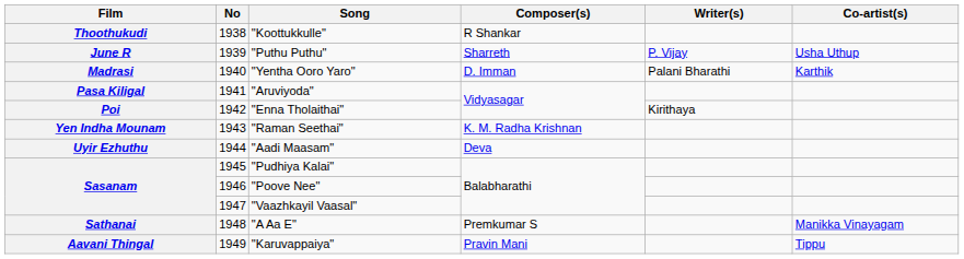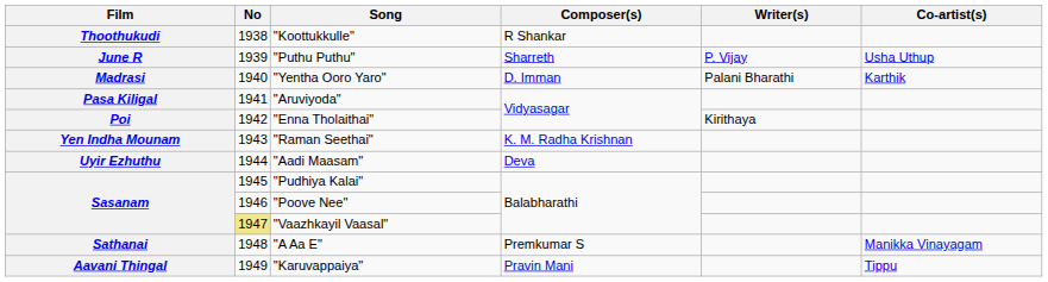 <table class="wikitable plainrowheaders" width="100%" textcolor:#000;">
 <tr>
 <th scope="col" width=23%><strong>Film</strong></th>
 <th><strong>No</strong></th>
 <th scope="col" width=23%><strong>Song</strong></th>
 <th scope="col" width=20%><strong>Composer(s)</strong></th>
 <th scope="col" width=16%><strong>Writer(s)</strong></th>
 <th scope="col" width=18%><strong>Co-artist(s)</strong></th>
 </tr>
 <tr>
 <th><em><a href='#'>Thoothukudi</a></em></th>
 <td>1938</td>
 <td>"Koottukkulle"</td>
 <td>R Shankar</td>
 <td></td>
 <td></td>
 </tr>
 <tr>
 <th><em><a href='#'>June R</a></em></th>
 <td>1939</td>
 <td>"Puthu Puthu"</td>
 <td><a href='#'>Sharreth</a></td>
 <td><a href='#'>P. Vijay</a></td>
 <td><a href='#'>Usha Uthup</a></td>
 </tr>
 <tr>
 <th><em><a href='#'>Madrasi</a></em></th>
 <td>1940</td>
 <td>"Yentha Ooro Yaro"</td>
 <td><a href='#'>D. Imman</a></td>
 <td>Palani Bharathi</td>
 <td><a href='#'>Karthik</a></td>
 </tr>
 <tr>
 <th><em><a href='#'>Pasa Kiligal</a></em></th>
 <td>1941</td>
 <td>"Aruviyoda"</td>
 <td rowspan="2"><a href='#'>Vidyasagar</a></td>
 <td></td>
 <td></td>
 </tr>
 <tr>
 <th><em><a href='#'>Poi</a></em></th>
 <td>1942</td>
 <td>"Enna Tholaithai"</td>
 <td>Kirithaya</td>
 <td></td>
 </tr>
 <tr>
 <th><a href='#'><em>Yen Indha Mounam</em></a></th>
 <td>1943</td>
 <td>"Raman Seethai"</td>
 <td><a href='#'>K. M. Radha Krishnan</a></td>
 <td></td>
 <td></td>
 </tr>
 <tr>
 <th><a href='#'><em>Uyir Ezhuthu</em></a></th>
 <td>1944</td>
 <td>"Aadi Maasam"</td>
 <td><a href='#'>Deva</a></td>
 <td></td>
 <td></td>
 </tr>
 <tr>
 <th rowspan="3"><em><a href='#'>Sasanam</a></em></th>
 <td>1945</td>
 <td>"Pudhiya Kalai"</td>
 <td rowspan="3">Balabharathi</td>
 <td></td>
 <td></td>
 </tr>
 <tr>
 <td>1946</td>
 <td>"Poove Nee"</td>
 <td></td>
 <td></td>
 </tr>
 <tr>
-<td>1947</td>
+<td style="background: khaki;">1947</td>
 <td>"Vaazhkayil Vaasal"</td>
 <td></td>
 <td></td>
 </tr>
 <tr>
 <th><a href='#'><em>Sathanai</em></a></th>
 <td>1948</td>
 <td>"A Aa E"</td>
 <td>Premkumar S</td>
 <td></td>
 <td><a href='#'>Manikka Vinayagam</a></td>
 </tr>
 <tr>
 <th><em><a href='#'>Aavani Thingal</a></em></th>
 <td>1949</td>
 <td>"Karuvappaiya"</td>
 <td><a href='#'>Pravin Mani</a></td>
 <td></td>
 <td><a href='#'>Tippu</a></td>
 </tr>
 </table>
